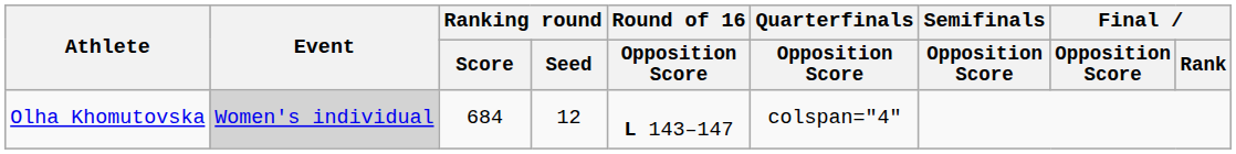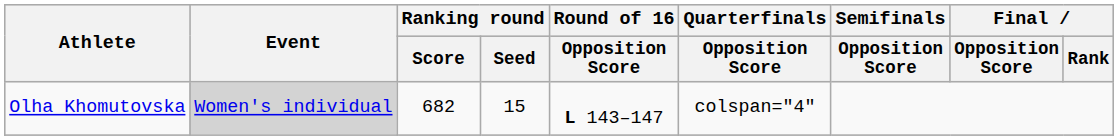 <table class="wikitable" style="text-align:center; font-size:90%">
 <tr>
 <th rowspan="2">Athlete</th>
 <th rowspan="2">Event</th>
 <th colspan="2">Ranking round</th>
 <th>Round of 16</th>
 <th>Quarterfinals</th>
 <th>Semifinals</th>
 <th colspan="2">Final / </th>
 </tr>
 <tr style="font-size:95%">
 <th>Score</th>
 <th>Seed</th>
 <th>Opposition<br>Score</th>
 <th>Opposition<br>Score</th>
 <th>Opposition<br>Score</th>
 <th>Opposition<br>Score</th>
 <th>Rank</th>
 </tr>
 <tr>
 <td align="left"><a href='#'>Olha Khomutovska</a></td>
 <td align="left" style="background: lightgrey;"><a href='#'>Women's individual</a></td>
-<td>684</td>
-<td>12</td>
+<td>682</td>
+<td>15</td>
 <td><br><strong>L</strong> 143–147</td>
 <td>colspan="4" </td>
 </tr>
 </table>
